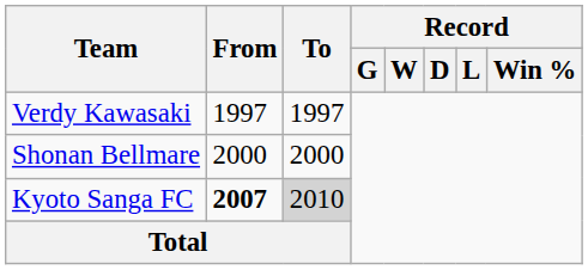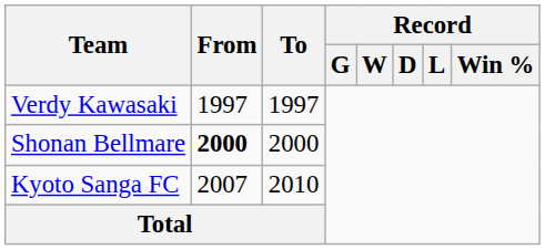 <table class="wikitable" style="text-align: center">
 <tr>
 <th rowspan="2">Team</th>
 <th rowspan="2">From</th>
 <th rowspan="2">To</th>
 <th colspan="5">Record</th>
 </tr>
 <tr>
 <th>G</th>
 <th>W</th>
 <th>D</th>
 <th>L</th>
 <th>Win %</th>
 </tr>
 <tr>
 <td align="left"><a href='#'>Verdy Kawasaki</a></td>
 <td align="left">1997</td>
 <td align="left">1997<br></td>
 </tr>
 <tr>
 <td align="left"><a href='#'>Shonan Bellmare</a></td>
-<td align="left">2000</td>
+<td align="left"><strong>2000</strong></td>
 <td align="left">2000<br></td>
 </tr>
 <tr>
 <td align="left"><a href='#'>Kyoto Sanga FC</a></td>
-<td align="left"><strong>2007</strong></td>
-<td align="left" style="background: lightgrey;">2010<br></td>
+<td align="left">2007</td>
+<td align="left">2010<br></td>
 </tr>
 <tr>
 <th colspan="3">Total<br></th>
 </tr>
 </table>
